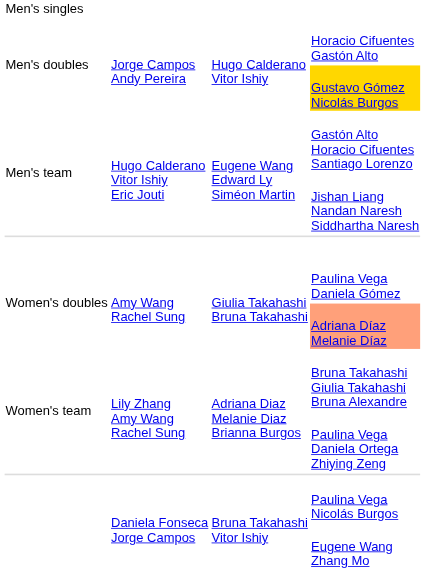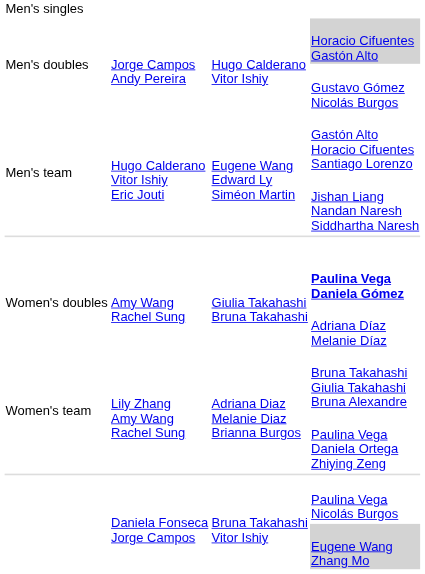 <table>
 <tr>
 <td rowspan=2>Men's singles<br></td>
 <td rowspan=2></td>
 <td rowspan=2></td>
 <td></td>
 </tr>
 <tr>
 <td></td>
 </tr>
 <tr>
 <td rowspan=2>Men's doubles<br></td>
 <td rowspan=2><br><a href='#'>Jorge Campos</a><br><a href='#'>Andy Pereira</a></td>
 <td rowspan=2><br><a href='#'>Hugo Calderano</a><br><a href='#'>Vitor Ishiy</a></td>
-<td><br><a href='#'>Horacio Cifuentes</a><br><a href='#'>Gastón Alto</a></td>
+<td style="background: lightgrey;"><br><a href='#'>Horacio Cifuentes</a><br><a href='#'>Gastón Alto</a></td>
 </tr>
 <tr>
-<td style="background: gold;"><br><a href='#'>Gustavo Gómez</a><br><a href='#'>Nicolás Burgos</a></td>
+<td><br><a href='#'>Gustavo Gómez</a><br><a href='#'>Nicolás Burgos</a></td>
 </tr>
 <tr>
 <td rowspan=2>Men's team<br></td>
 <td rowspan=2><br><a href='#'>Hugo Calderano</a><br><a href='#'>Vitor Ishiy</a><br><a href='#'>Eric Jouti</a></td>
 <td rowspan=2><br><a href='#'>Eugene Wang</a><br><a href='#'>Edward Ly</a><br><a href='#'>Siméon Martin</a></td>
 <td><br><a href='#'>Gastón Alto</a><br><a href='#'>Horacio Cifuentes</a><br><a href='#'>Santiago Lorenzo</a></td>
 </tr>
 <tr>
 <td><br><a href='#'>Jishan Liang</a><br><a href='#'>Nandan Naresh</a><br><a href='#'>Siddhartha Naresh</a></td>
 </tr>
 <tr bgcolor=#DDDDDD>
 <td colspan=7></td>
 </tr>
 <tr>
 <td rowspan=2><br></td>
 <td rowspan=2></td>
 <td rowspan=2></td>
 <td></td>
 </tr>
 <tr>
 <td></td>
 </tr>
 <tr>
 <td rowspan=2>Women's doubles<br></td>
 <td rowspan=2><br><a href='#'>Amy Wang</a><br><a href='#'>Rachel Sung</a></td>
 <td rowspan=2><br><a href='#'>Giulia Takahashi</a><br><a href='#'>Bruna Takahashi</a></td>
-<td><br><a href='#'>Paulina Vega</a><br><a href='#'>Daniela Gómez</a></td>
+<td><strong><br><a href='#'>Paulina Vega</a><br><a href='#'>Daniela Gómez</a></strong></td>
 </tr>
 <tr>
-<td style="background: lightsalmon;"><br><a href='#'>Adriana Díaz</a><br><a href='#'>Melanie Díaz</a></td>
+<td><br><a href='#'>Adriana Díaz</a><br><a href='#'>Melanie Díaz</a></td>
 </tr>
 <tr>
 <td rowspan=2>Women's team<br></td>
 <td rowspan=2><br><a href='#'>Lily Zhang</a><br><a href='#'>Amy Wang</a><br><a href='#'>Rachel Sung</a></td>
 <td rowspan=2><br><a href='#'>Adriana Diaz</a><br><a href='#'>Melanie Diaz</a><br><a href='#'>Brianna Burgos</a></td>
 <td><br><a href='#'>Bruna Takahashi</a><br><a href='#'>Giulia Takahashi</a><br><a href='#'>Bruna Alexandre</a></td>
 </tr>
 <tr>
 <td><br><a href='#'>Paulina Vega</a><br><a href='#'>Daniela Ortega</a><br><a href='#'>Zhiying Zeng</a></td>
 </tr>
 <tr bgcolor=#DDDDDD>
 <td colspan=7></td>
 </tr>
 <tr>
 <td rowspan=2><br></td>
 <td rowspan=2><br><a href='#'>Daniela Fonseca</a><br><a href='#'>Jorge Campos</a></td>
 <td rowspan=2><br><a href='#'>Bruna Takahashi</a><br><a href='#'>Vitor Ishiy</a></td>
 <td><br><a href='#'>Paulina Vega</a><br><a href='#'>Nicolás Burgos</a></td>
 </tr>
 <tr>
-<td><br><a href='#'>Eugene Wang</a><br><a href='#'>Zhang Mo</a></td>
+<td style="background: lightgrey;"><br><a href='#'>Eugene Wang</a><br><a href='#'>Zhang Mo</a></td>
 </tr>
 </table>
